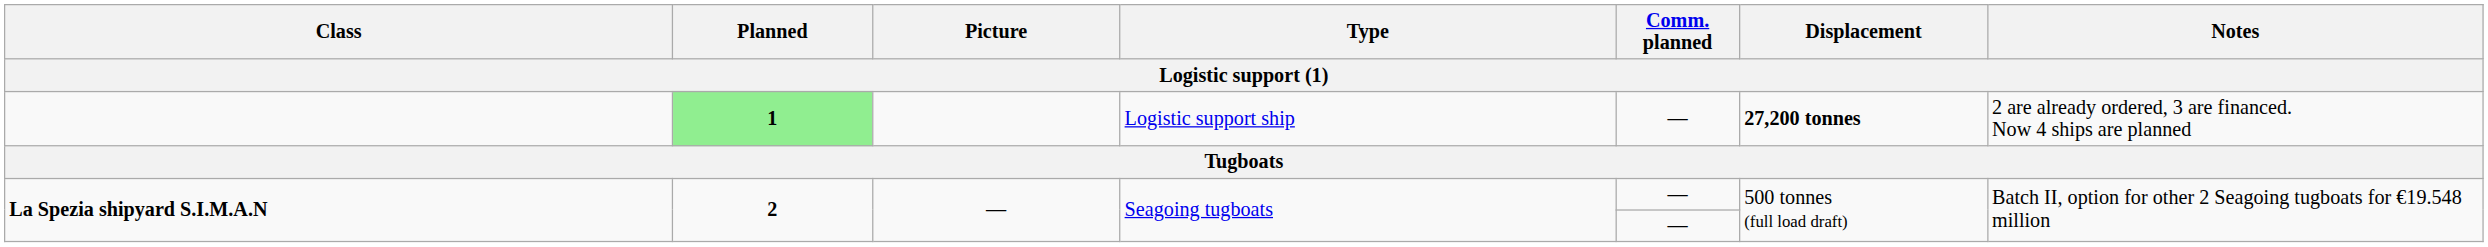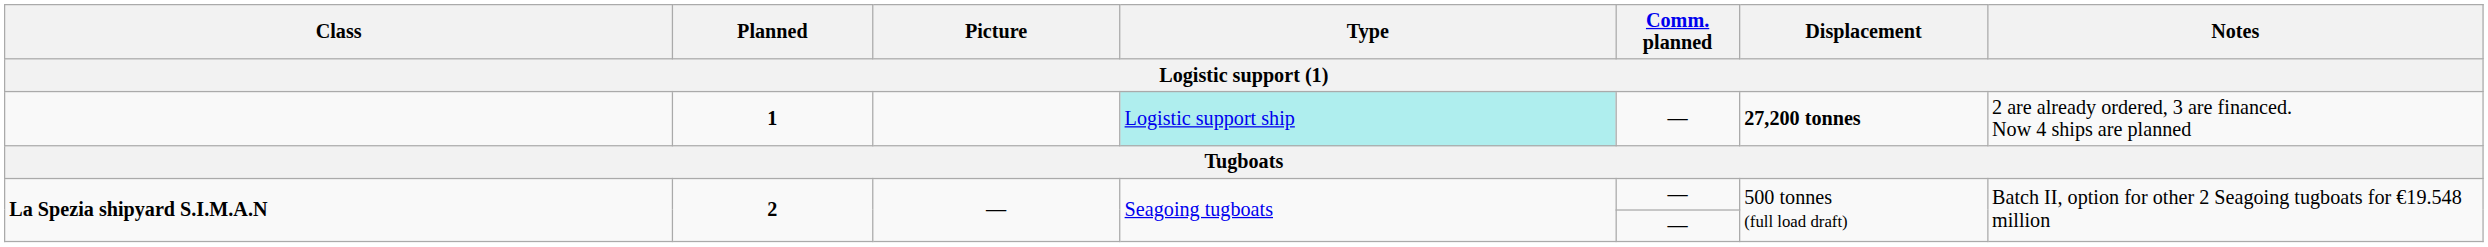 <table class="wikitable">
 <tr>
 <th>Class</th>
 <th>Planned</th>
 <th style="width:10%;">Picture</th>
 <th style="width:20%;">Type</th>
 <th style="width: 5%;"><a href='#'>Comm.</a> planned</th>
 <th style="width:10%;">Displacement</th>
 <th style="width:20%;">Notes</th>
 </tr>
 <tr>
 <th colspan="7"><strong>Logistic support (1)</strong></th>
 </tr>
 <tr>
 <td><strong></strong></td>
-<td style="background: lightgreen; text-align: center;"><strong>1</strong></td>
+<td style="text-align: center;"><strong>1</strong></td>
 <td></td>
-<td><a href='#'>Logistic support ship</a></td>
+<td style="background: paleturquoise;"><a href='#'>Logistic support ship</a></td>
 <td style="text-align: center;">—</td>
 <td><strong>27,200 tonnes</strong></td>
 <td>2 are already ordered, 3 are financed.<br>Now 4 ships are planned </td>
 </tr>
 <tr>
 <th colspan="7">Tugboats</th>
 </tr>
 <tr>
 <td rowspan="2"><strong>La Spezia shipyard S.I.M.A.N</strong></td>
 <td rowspan="2" style="text-align: center;"><strong>2</strong></td>
 <td rowspan="2" style="text-align: center;">—</td>
 <td rowspan="2"><a href='#'>Seagoing tugboats</a></td>
 <td style="text-align: center;">—</td>
 <td rowspan="2">500 tonnes<br><small>(full load draft)</small></td>
 <td rowspan="2">Batch II, option for other 2 Seagoing tugboats for €19.548 million<small></small></td>
 </tr>
 <tr>
 <td style="text-align: center;">—</td>
 </tr>
 </table>
